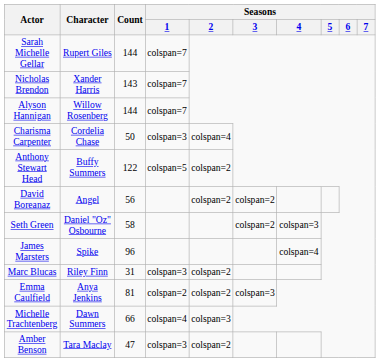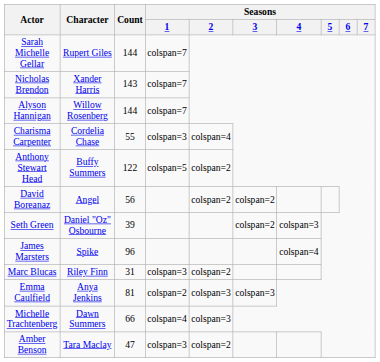 <table class="wikitable sortable" width="70%" style="text-align:center">
 <tr>
 <th scope="col" rowspan="2" style="width:15%;">Actor</th>
 <th scope="col" rowspan="2" style="width:15%;">Character</th>
 <th scope="col" rowspan="2" style="width:5%;">Count</th>
 <th scope="col" colspan="7">Seasons</th>
 </tr>
 <tr>
 <th style="width:5%;"><a href='#'>1</a></th>
 <th style="width:5%;"><a href='#'>2</a></th>
 <th style="width:5%;"><a href='#'>3</a></th>
 <th style="width:5%;"><a href='#'>4</a></th>
 <th style="width:5%;"><a href='#'>5</a></th>
 <th style="width:5%;"><a href='#'>6</a></th>
 <th style="width:5%;"><a href='#'>7</a></th>
 </tr>
 <tr>
 <td><a href='#'>Sarah Michelle Gellar</a></td>
 <td><a href='#'>Rupert Giles</a></td>
 <td>144</td>
 <td>colspan=7 </td>
 </tr>
 <tr>
 <td><a href='#'>Nicholas Brendon</a></td>
 <td><a href='#'>Xander Harris</a></td>
 <td>143</td>
 <td>colspan=7 </td>
 </tr>
 <tr>
 <td><a href='#'>Alyson Hannigan</a></td>
 <td><a href='#'>Willow Rosenberg</a></td>
 <td>144</td>
 <td>colspan=7 </td>
 </tr>
 <tr>
 <td><a href='#'>Charisma Carpenter</a></td>
 <td><a href='#'>Cordelia Chase</a></td>
-<td>50</td>
+<td>55</td>
 <td>colspan=3 </td>
 <td>colspan=4 </td>
 </tr>
 <tr>
 <td><a href='#'>Anthony Stewart Head</a></td>
 <td><a href='#'>Buffy Summers</a></td>
 <td>122</td>
 <td>colspan=5 </td>
 <td>colspan=2 </td>
 </tr>
 <tr>
 <td><a href='#'>David Boreanaz</a></td>
 <td><a href='#'>Angel</a></td>
 <td>56</td>
 <td></td>
 <td>colspan=2 </td>
 <td>colspan=2 </td>
 <td></td>
 <td></td>
 </tr>
 <tr>
 <td><a href='#'>Seth Green</a></td>
 <td><a href='#'>Daniel "Oz" Osbourne</a></td>
-<td>58</td>
+<td>39</td>
 <td></td>
 <td></td>
 <td>colspan=2 </td>
 <td>colspan=3 </td>
 </tr>
 <tr>
 <td><a href='#'>James Marsters</a></td>
 <td><a href='#'>Spike</a></td>
 <td>96</td>
 <td></td>
 <td></td>
 <td></td>
 <td>colspan=4 </td>
 </tr>
 <tr>
 <td><a href='#'>Marc Blucas</a></td>
 <td><a href='#'>Riley Finn</a></td>
 <td>31</td>
 <td>colspan=3 </td>
 <td>colspan=2 </td>
 <td></td>
 <td></td>
 </tr>
 <tr>
 <td><a href='#'>Emma Caulfield</a></td>
 <td><a href='#'>Anya Jenkins</a></td>
 <td>81</td>
 <td>colspan=2 </td>
-<td>colspan=2 </td>
+<td>colspan=3 </td>
 <td>colspan=3 </td>
 </tr>
 <tr>
 <td><a href='#'>Michelle Trachtenberg</a></td>
 <td><a href='#'>Dawn Summers</a></td>
 <td>66</td>
 <td>colspan=4 </td>
 <td>colspan=3 </td>
 </tr>
 <tr>
 <td><a href='#'>Amber Benson</a></td>
 <td><a href='#'>Tara Maclay</a></td>
 <td>47</td>
 <td>colspan=3 </td>
 <td>colspan=2 </td>
 <td></td>
 <td></td>
 </tr>
 </table>
